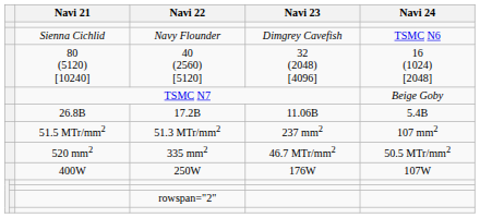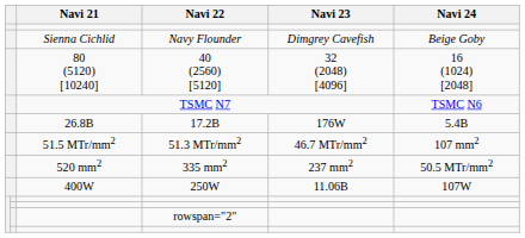 <table class="wikitable" style="text-align: center;">
 <tr>
 <th colspan="2"></th>
 <th style="width:10em;">Navi 21</th>
 <th style="width:10em;">Navi 22</th>
 <th style="width:10em;">Navi 23</th>
 <th style="width:10em;">Navi 24</th>
 </tr>
 <tr>
 <th style="text-align: left;" colspan="2"></th>
 <td></td>
 <td></td>
 <td></td>
 <td></td>
 </tr>
 <tr>
 <th style="text-align: left;" colspan="2"></th>
 <td><em>Sienna Cichlid</em></td>
 <td><em>Navy Flounder</em></td>
 <td><em>Dimgrey Cavefish</em></td>
-<td><a href='#'>TSMC</a> <a href='#'>N6</a></td>
+<td><em>Beige Goby</em></td>
 </tr>
 <tr>
 <th style="text-align: left;" colspan="2"></th>
 <td>80 <br> (5120) <br> [10240]</td>
 <td>40 <br> (2560) <br> [5120]</td>
 <td>32 <br> (2048) <br> [4096]</td>
 <td>16 <br> (1024) <br> [2048]</td>
 </tr>
 <tr>
 <th style="text-align: left;" colspan="2"></th>
 <td colspan="3"><a href='#'>TSMC</a> <a href='#'>N7</a></td>
-<td><em>Beige Goby</em></td>
+<td><a href='#'>TSMC</a> <a href='#'>N6</a></td>
 </tr>
 <tr>
 <th style="text-align: left;" colspan="2"></th>
 <td>26.8B</td>
 <td>17.2B</td>
-<td>11.06B</td>
+<td>176W</td>
 <td>5.4B</td>
 </tr>
 <tr>
 <th style="text-align: left;" colspan="2"></th>
 <td>51.5 MTr/mm<sup>2</sup></td>
 <td>51.3 MTr/mm<sup>2</sup></td>
-<td>237 mm<sup>2</sup></td>
+<td>46.7 MTr/mm<sup>2</sup></td>
 <td>107 mm<sup>2</sup></td>
 </tr>
 <tr>
 <th style="text-align: left;" colspan="2"></th>
 <td>520 mm<sup>2</sup></td>
 <td>335 mm<sup>2</sup></td>
-<td>46.7 MTr/mm<sup>2</sup></td>
+<td>237 mm<sup>2</sup></td>
 <td>50.5 MTr/mm<sup>2</sup></td>
 </tr>
 <tr>
 <th style="text-align: left;" colspan="2"></th>
 <td>400W</td>
 <td>250W</td>
-<td>176W</td>
+<td>11.06B</td>
 <td>107W</td>
 </tr>
 <tr>
 <th style="text-align: left;" rowspan="4"></th>
 <th style="text-align: left;"></th>
 <td></td>
 <td></td>
 <td></td>
 <td></td>
 </tr>
 <tr>
 <th style="text-align: left;"></th>
 <td></td>
 <td></td>
 <td></td>
 <td></td>
 </tr>
 <tr>
 <th style="text-align: left;"></th>
 <td></td>
 <td>rowspan="2" </td>
 <td></td>
 <td></td>
 </tr>
 <tr>
 <th style="text-align: left;"></th>
 <td></td>
 <td></td>
 <td></td>
 </tr>
 </table>
